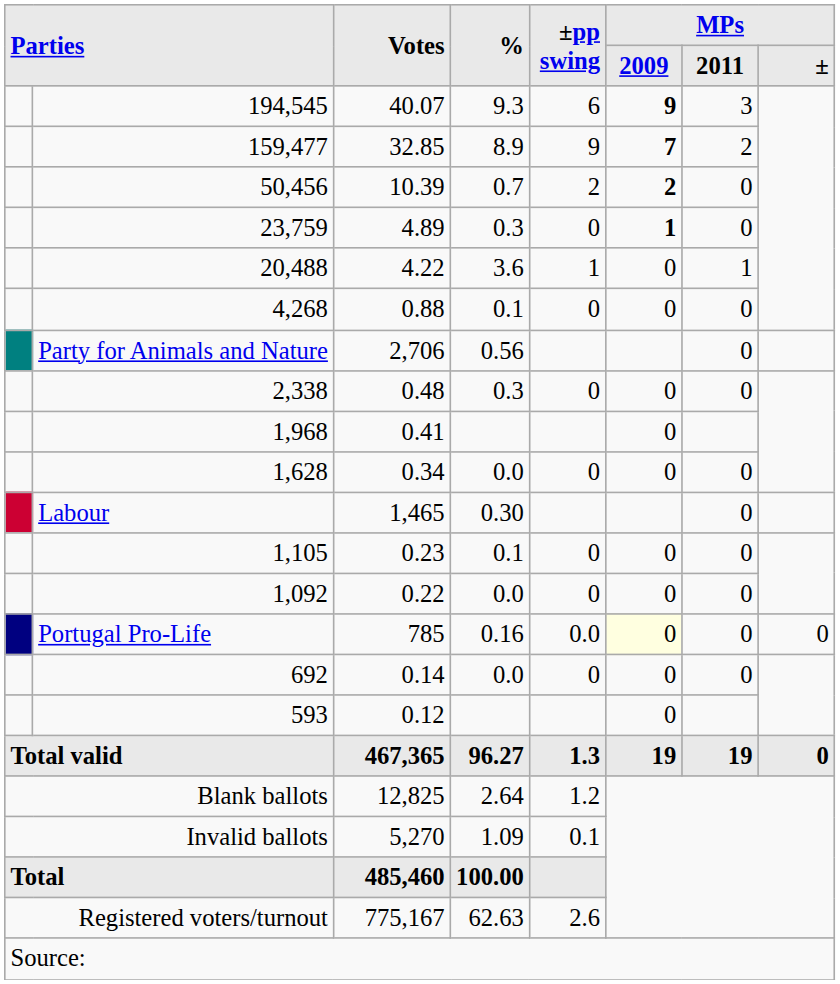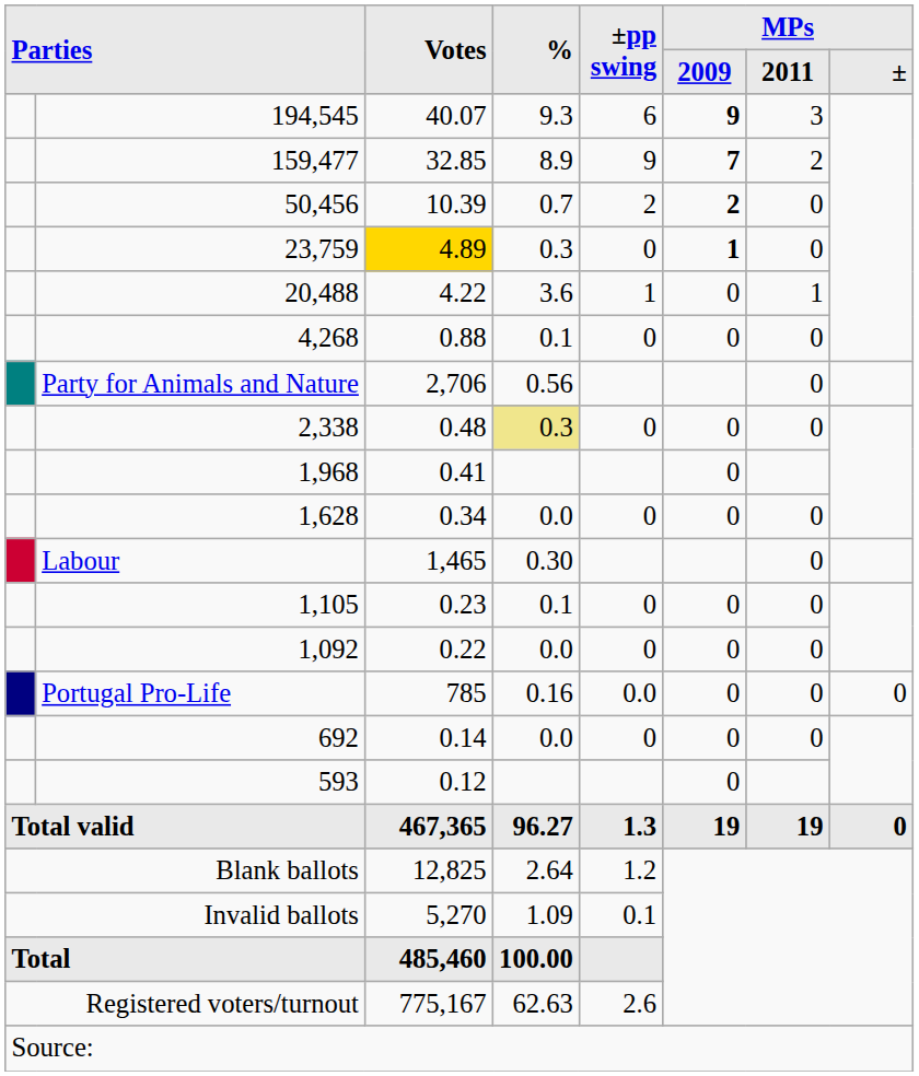 <table class="wikitable" style="text-align:right; font-size:95%;">
 <tr>
 <th rowspan="2" colspan="2" style="background:#e9e9e9; text-align:left;" alignleft><a href='#'>Parties</a></th>
 <th rowspan="2" style="background:#e9e9e9; text-align:right;">Votes</th>
 <th rowspan="2" style="background:#e9e9e9; text-align:right;">%</th>
 <th rowspan="2" style="background:#e9e9e9; text-align:right;">±<a href='#'>pp</a> <a href='#'>swing</a></th>
 <th colspan="3" style="background:#e9e9e9; text-align:center;"><a href='#'>MPs</a></th>
 </tr>
 <tr style="background-color:#E9E9E9">
 <th style="background-color:#E9E9E9;text-align:center;"><a href='#'>2009</a></th>
 <th style="background-color:#E9E9E9;text-align:center;">2011</th>
 <th style="background:#e9e9e9; text-align:right;">±</th>
 </tr>
 <tr>
 <td></td>
 <td>194,545</td>
 <td>40.07</td>
 <td>9.3</td>
 <td>6</td>
 <td><strong>9</strong></td>
 <td>3</td>
 </tr>
 <tr>
 <td></td>
 <td>159,477</td>
 <td>32.85</td>
 <td>8.9</td>
 <td>9</td>
 <td><strong>7</strong></td>
 <td>2</td>
 </tr>
 <tr>
 <td></td>
 <td>50,456</td>
 <td>10.39</td>
 <td>0.7</td>
 <td>2</td>
 <td><strong>2</strong></td>
 <td>0</td>
 </tr>
 <tr>
 <td></td>
 <td>23,759</td>
-<td>4.89</td>
+<td style="background: gold;">4.89</td>
 <td>0.3</td>
 <td>0</td>
 <td><strong>1</strong></td>
 <td>0</td>
 </tr>
 <tr>
 <td></td>
 <td>20,488</td>
 <td>4.22</td>
 <td>3.6</td>
 <td>1</td>
 <td>0</td>
 <td>1</td>
 </tr>
 <tr>
 <td></td>
 <td>4,268</td>
 <td>0.88</td>
 <td>0.1</td>
 <td>0</td>
 <td>0</td>
 <td>0</td>
 </tr>
 <tr>
 <td style="width: 10px" bgcolor="teal" align="center"></td>
 <td align="left"><a href='#'>Party for Animals and Nature</a></td>
 <td>2,706</td>
 <td>0.56</td>
 <td></td>
 <td></td>
 <td>0</td>
 <td></td>
 </tr>
 <tr>
 <td></td>
 <td>2,338</td>
 <td>0.48</td>
-<td>0.3</td>
+<td style="background: khaki;">0.3</td>
 <td>0</td>
 <td>0</td>
 <td>0</td>
 </tr>
 <tr>
 <td></td>
 <td>1,968</td>
 <td>0.41</td>
 <td></td>
 <td></td>
 <td>0</td>
 <td></td>
 </tr>
 <tr>
 <td></td>
 <td>1,628</td>
 <td>0.34</td>
 <td>0.0</td>
 <td>0</td>
 <td>0</td>
 <td>0</td>
 </tr>
 <tr>
 <td style="width: 10px" bgcolor=#CC0033 align="center"></td>
 <td align=left><a href='#'>Labour</a></td>
 <td>1,465</td>
 <td>0.30</td>
 <td></td>
 <td></td>
 <td>0</td>
 <td></td>
 </tr>
 <tr>
 <td></td>
 <td>1,105</td>
 <td>0.23</td>
 <td>0.1</td>
 <td>0</td>
 <td>0</td>
 <td>0</td>
 </tr>
 <tr>
 <td></td>
 <td>1,092</td>
 <td>0.22</td>
 <td>0.0</td>
 <td>0</td>
 <td>0</td>
 <td>0</td>
 </tr>
 <tr>
 <td style="width:10px;background-color:#000080;text-align:center;"></td>
 <td style="text-align:left;"><a href='#'>Portugal Pro-Life</a></td>
 <td>785</td>
 <td>0.16</td>
 <td>0.0</td>
-<td style="background: lightyellow;">0</td>
+<td>0</td>
 <td>0</td>
 <td>0</td>
 </tr>
 <tr>
 <td></td>
 <td>692</td>
 <td>0.14</td>
 <td>0.0</td>
 <td>0</td>
 <td>0</td>
 <td>0</td>
 </tr>
 <tr>
 <td></td>
 <td>593</td>
 <td>0.12</td>
 <td></td>
 <td></td>
 <td>0</td>
 <td></td>
 </tr>
 <tr>
 <td colspan=2 align=left style="background-color:#E9E9E9"><strong>Total valid</strong></td>
 <td width="65" align="right" style="background-color:#E9E9E9"><strong>467,365</strong></td>
 <td width="40" align="right" style="background-color:#E9E9E9"><strong>96.27</strong></td>
 <td width="40" align="right" style="background-color:#E9E9E9"><strong>1.3</strong></td>
 <td width="40" align="right" style="background-color:#E9E9E9"><strong>19</strong></td>
 <td width="40" align="right" style="background-color:#E9E9E9"><strong>19</strong></td>
 <td width="40" align="right" style="background-color:#E9E9E9"><strong>0</strong></td>
 </tr>
 <tr>
 <td colspan=2>Blank ballots</td>
 <td>12,825</td>
 <td>2.64</td>
 <td>1.2</td>
 <td colspan=4 rowspan=4></td>
 </tr>
 <tr>
 <td colspan=2>Invalid ballots</td>
 <td>5,270</td>
 <td>1.09</td>
 <td>0.1</td>
 </tr>
 <tr>
 <td colspan=2 align=left style="background-color:#E9E9E9"><strong>Total</strong></td>
 <td width="50" align="right" style="background-color:#E9E9E9"><strong>485,460</strong></td>
 <td width="40" align="right" style="background-color:#E9E9E9"><strong>100.00</strong></td>
 <td width="40" align="right" style="background-color:#E9E9E9"></td>
 </tr>
 <tr>
 <td colspan=2>Registered voters/turnout</td>
 <td>775,167</td>
 <td>62.63</td>
 <td>2.6</td>
 </tr>
 <tr>
 <td colspan=11 align=left>Source: </td>
 </tr>
 </table>
